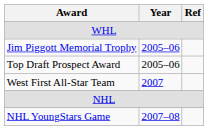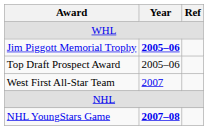 <table class="wikitable">
 <tr>
 <th>Award</th>
 <th>Year</th>
 <th>Ref</th>
 </tr>
 <tr ALIGN="center" bgcolor="#e0e0e0">
 <td colspan="3"><a href='#'>WHL</a></td>
 </tr>
 <tr>
 <td><a href='#'>Jim Piggott Memorial Trophy</a></td>
-<td><a href='#'>2005–06</a></td>
+<td><strong><a href='#'>2005–06</a></strong></td>
 <td></td>
 </tr>
 <tr>
 <td>Top Draft Prospect Award</td>
 <td>2005–06</td>
 <td></td>
 </tr>
 <tr>
 <td>West First All-Star Team</td>
 <td><a href='#'>2007</a></td>
 <td></td>
 </tr>
 <tr ALIGN="center" bgcolor="#e0e0e0">
 <td colspan="3"><a href='#'>NHL</a></td>
 </tr>
 <tr>
 <td><a href='#'>NHL YoungStars Game</a></td>
-<td><a href='#'>2007–08</a></td>
+<td><strong><a href='#'>2007–08</a></strong></td>
 <td></td>
 </tr>
 </table>
